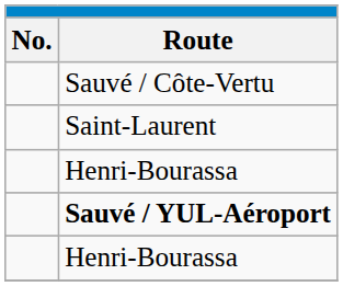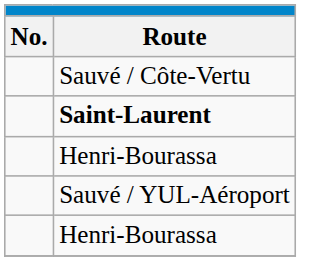 <table align=center class="wikitable">
 <tr>
 <th style="background: #0085CA; font-size:100%; color:#FFFFFF;"colspan="4"><a href='#'></a></th>
 </tr>
 <tr>
 <th>No.</th>
 <th>Route</th>
 </tr>
 <tr>
 <td {{Avoid wrap> </td>
 <td>Sauvé / Côte-Vertu</td>
 </tr>
 <tr>
 <td></td>
-<td>Saint-Laurent</td>
+<td><strong>Saint-Laurent</strong></td>
 </tr>
 <tr>
 <td {{Avoid wrap> </td>
 <td>Henri-Bourassa</td>
 </tr>
 <tr>
 <td {{Avoid wrap> </td>
-<td><strong>Sauvé / YUL-Aéroport</strong></td>
+<td>Sauvé / YUL-Aéroport</td>
 </tr>
 <tr>
 <td {{Avoid wrap> </td>
 <td>Henri-Bourassa</td>
 </tr>
 <tr>
 </tr>
 </table>
